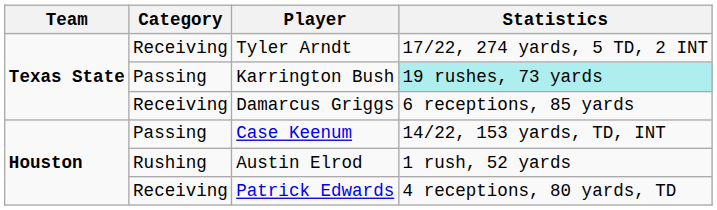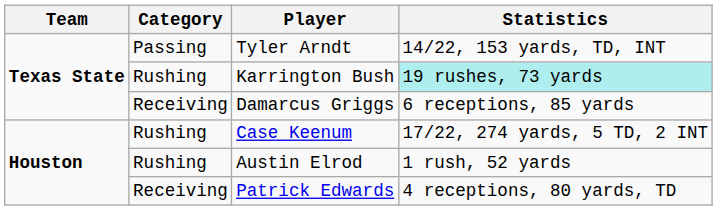 <table class="wikitable" style="float: left;">
 <tr>
 <th>Team</th>
 <th>Category</th>
 <th>Player</th>
 <th>Statistics</th>
 </tr>
 <tr>
 <td rowspan=3><strong>Texas State</strong></td>
-<td>Receiving</td>
+<td>Passing</td>
 <td>Tyler Arndt</td>
-<td>17/22, 274 yards, 5 TD, 2 INT</td>
+<td>14/22, 153 yards, TD, INT</td>
 </tr>
 <tr>
-<td>Passing</td>
+<td>Rushing</td>
 <td>Karrington Bush</td>
 <td style="background: paleturquoise;">19 rushes, 73 yards</td>
 </tr>
 <tr>
 <td>Receiving</td>
 <td>Damarcus Griggs</td>
 <td>6 receptions, 85 yards</td>
 </tr>
 <tr>
 <td rowspan=3><strong>Houston</strong></td>
-<td>Passing</td>
+<td>Rushing</td>
 <td><a href='#'>Case Keenum</a></td>
-<td>14/22, 153 yards, TD, INT</td>
+<td>17/22, 274 yards, 5 TD, 2 INT</td>
 </tr>
 <tr>
 <td>Rushing</td>
 <td>Austin Elrod</td>
 <td>1 rush, 52 yards</td>
 </tr>
 <tr>
 <td>Receiving</td>
 <td><a href='#'>Patrick Edwards</a></td>
 <td>4 receptions, 80 yards, TD</td>
 </tr>
 </table>
